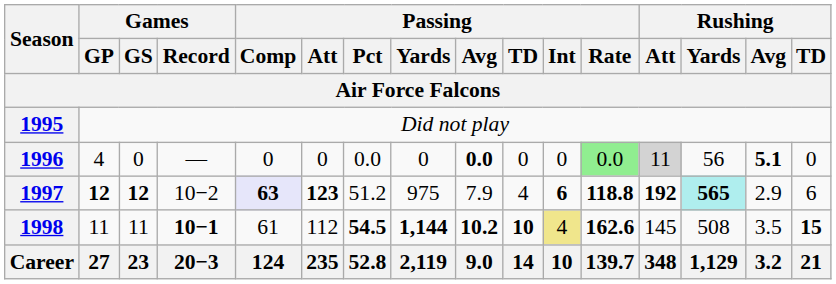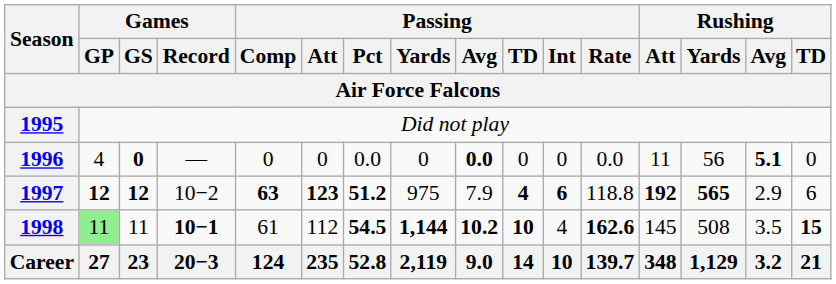 <table class="wikitable" style="text-align:center;">
 <tr>
 <th rowspan="2">Season</th>
 <th colspan="3">Games</th>
 <th colspan="8">Passing</th>
 <th colspan="5">Rushing</th>
 </tr>
 <tr>
 <th>GP</th>
 <th>GS</th>
 <th>Record</th>
 <th>Comp</th>
 <th>Att</th>
 <th>Pct</th>
 <th>Yards</th>
 <th>Avg</th>
 <th>TD</th>
 <th>Int</th>
 <th>Rate</th>
 <th>Att</th>
 <th>Yards</th>
 <th>Avg</th>
 <th>TD</th>
 </tr>
 <tr>
 <th colspan="16">Air Force Falcons</th>
 </tr>
 <tr>
 <th><a href='#'>1995</a></th>
 <td colspan="15"><em>Did not play</em></td>
 </tr>
 <tr>
 <th><a href='#'>1996</a></th>
 <td>4</td>
-<td>0</td>
+<td><strong>0</strong></td>
 <td>—</td>
 <td>0</td>
 <td>0</td>
 <td>0.0</td>
 <td>0</td>
 <td><strong>0.0</strong></td>
 <td>0</td>
 <td>0</td>
-<td style="background: lightgreen;">0.0</td>
-<td style="background: lightgrey;">11</td>
+<td>0.0</td>
+<td>11</td>
 <td>56</td>
 <td><strong>5.1</strong></td>
 <td>0</td>
 </tr>
 <tr>
 <th><a href='#'>1997</a></th>
 <td><strong>12</strong></td>
 <td><strong>12</strong></td>
 <td>10−2</td>
-<td style="background: lavender;"><strong>63</strong></td>
+<td><strong>63</strong></td>
 <td><strong>123</strong></td>
-<td>51.2</td>
+<td><strong>51.2</strong></td>
 <td>975</td>
 <td>7.9</td>
-<td>4</td>
+<td><strong>4</strong></td>
 <td><strong>6</strong></td>
-<td><strong>118.8</strong></td>
+<td>118.8</td>
 <td><strong>192</strong></td>
-<td style="background: paleturquoise;"><strong>565</strong></td>
+<td><strong>565</strong></td>
 <td>2.9</td>
 <td>6</td>
 </tr>
 <tr>
 <th><a href='#'>1998</a></th>
-<td>11</td>
+<td style="background: lightgreen;">11</td>
 <td>11</td>
 <td><strong>10−1</strong></td>
 <td>61</td>
 <td>112</td>
 <td><strong>54.5</strong></td>
 <td><strong>1,144</strong></td>
 <td><strong>10.2</strong></td>
 <td><strong>10</strong></td>
-<td style="background: khaki;">4</td>
+<td>4</td>
 <td><strong>162.6</strong></td>
 <td>145</td>
 <td>508</td>
 <td>3.5</td>
 <td><strong>15</strong></td>
 </tr>
 <tr>
 <th>Career</th>
 <th>27</th>
 <th>23</th>
 <th>20−3</th>
 <th>124</th>
 <th>235</th>
 <th>52.8</th>
 <th>2,119</th>
 <th>9.0</th>
 <th>14</th>
 <th>10</th>
 <th>139.7</th>
 <th>348</th>
 <th>1,129</th>
 <th>3.2</th>
 <th>21</th>
 </tr>
 </table>
